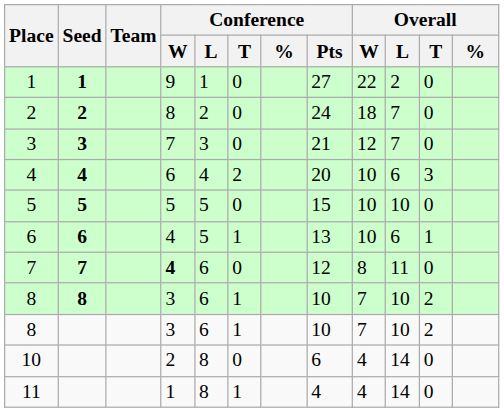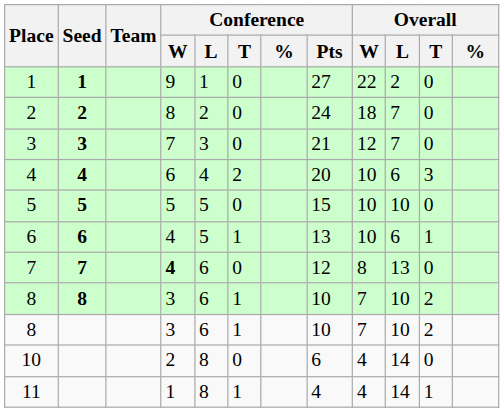 <table class="wikitable">
 <tr>
 <th rowspan ="2">Place</th>
 <th rowspan ="2">Seed</th>
 <th rowspan ="2">Team</th>
 <th colspan = "5">Conference</th>
 <th colspan = "4">Overall</th>
 </tr>
 <tr>
 <th scope="col" style="width: 20px;">W</th>
 <th scope="col" style="width: 20px;">L</th>
 <th scope="col" style="width: 20px;">T</th>
 <th scope="col" style="width: 30px;">%</th>
 <th scope="col" style="width: 30px;">Pts</th>
 <th scope="col" style="width: 20px;">W</th>
 <th scope="col" style="width: 20px;">L</th>
 <th scope="col" style="width: 20px;">T</th>
 <th scope="col" style="width: 30px;">%</th>
 </tr>
 <tr bgcolor=#ccffcc>
 <td style="text-align:center;">1</td>
 <td style="text-align:center;"><strong>1</strong></td>
 <td></td>
 <td>9</td>
 <td>1</td>
 <td>0</td>
 <td></td>
 <td>27</td>
 <td>22</td>
 <td>2</td>
 <td>0</td>
 <td></td>
 </tr>
 <tr bgcolor=#ccffcc>
 <td style="text-align:center;">2</td>
 <td style="text-align:center;"><strong>2</strong></td>
 <td></td>
 <td>8</td>
 <td>2</td>
 <td>0</td>
 <td></td>
 <td>24</td>
 <td>18</td>
 <td>7</td>
 <td>0</td>
 <td></td>
 </tr>
 <tr bgcolor=#ccffcc>
 <td style="text-align:center;">3</td>
 <td style="text-align:center;"><strong>3</strong></td>
 <td></td>
 <td>7</td>
 <td>3</td>
 <td>0</td>
 <td></td>
 <td>21</td>
 <td>12</td>
 <td>7</td>
 <td>0</td>
 <td></td>
 </tr>
 <tr bgcolor=#ccffcc>
 <td style="text-align:center;">4</td>
 <td style="text-align:center;"><strong>4</strong></td>
 <td></td>
 <td>6</td>
 <td>4</td>
 <td>2</td>
 <td></td>
 <td>20</td>
 <td>10</td>
 <td>6</td>
 <td>3</td>
 <td></td>
 </tr>
 <tr bgcolor=#ccffcc>
 <td style="text-align:center;">5</td>
 <td style="text-align:center;"><strong>5</strong></td>
 <td></td>
 <td>5</td>
 <td>5</td>
 <td>0</td>
 <td></td>
 <td>15</td>
 <td>10</td>
 <td>10</td>
 <td>0</td>
 <td></td>
 </tr>
 <tr bgcolor=#ccffcc>
 <td style="text-align:center;">6</td>
 <td style="text-align:center;"><strong>6</strong></td>
 <td></td>
 <td>4</td>
 <td>5</td>
 <td>1</td>
 <td></td>
 <td>13</td>
 <td>10</td>
 <td>6</td>
 <td>1</td>
 <td></td>
 </tr>
 <tr bgcolor=#ccffcc>
 <td style="text-align:center;">7</td>
 <td style="text-align:center;"><strong>7</strong></td>
 <td></td>
 <td><strong>4</strong></td>
 <td>6</td>
 <td>0</td>
 <td></td>
 <td>12</td>
 <td>8</td>
-<td>11</td>
+<td>13</td>
 <td>0</td>
 <td></td>
 </tr>
 <tr bgcolor=#ccffcc>
 <td style="text-align:center;">8</td>
 <td style="text-align:center;"><strong>8</strong></td>
 <td></td>
 <td>3</td>
 <td>6</td>
 <td>1</td>
 <td></td>
 <td>10</td>
 <td>7</td>
 <td>10</td>
 <td>2</td>
 <td></td>
 </tr>
 <tr>
 <td style="text-align:center;">8</td>
 <td style="text-align:center;"></td>
 <td></td>
 <td>3</td>
 <td>6</td>
 <td>1</td>
 <td></td>
 <td>10</td>
 <td>7</td>
 <td>10</td>
 <td>2</td>
 <td></td>
 </tr>
 <tr>
 <td style="text-align:center;">10</td>
 <td style="text-align:center;"></td>
 <td></td>
 <td>2</td>
 <td>8</td>
 <td>0</td>
 <td></td>
 <td>6</td>
 <td>4</td>
 <td>14</td>
 <td>0</td>
 <td></td>
 </tr>
 <tr>
 <td style="text-align:center;">11</td>
 <td style="text-align:center;"></td>
 <td></td>
 <td>1</td>
 <td>8</td>
 <td>1</td>
 <td></td>
 <td>4</td>
 <td>4</td>
 <td>14</td>
-<td>0</td>
+<td>1</td>
 <td></td>
 </tr>
 </table>
